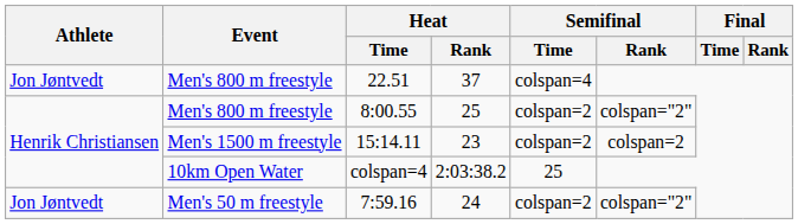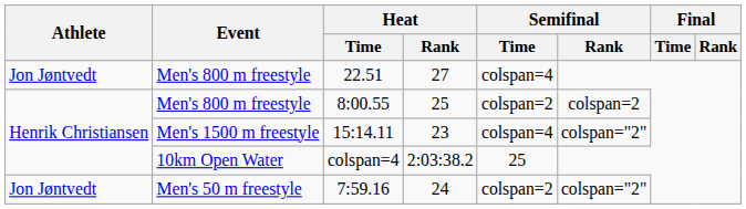 <table class=wikitable style="font-size:90%;">
 <tr>
 <th rowspan=2>Athlete</th>
 <th rowspan=2>Event</th>
 <th colspan=2>Heat</th>
 <th colspan=2>Semifinal</th>
 <th colspan=2>Final</th>
 </tr>
 <tr style="font-size:95%">
 <th>Time</th>
 <th>Rank</th>
 <th>Time</th>
 <th>Rank</th>
 <th>Time</th>
 <th>Rank</th>
 </tr>
 <tr align=center>
 <td align=left><a href='#'>Jon Jøntvedt</a></td>
 <td align=left><a href='#'>Men's 800 m freestyle</a></td>
 <td>22.51</td>
-<td>37</td>
+<td>27</td>
 <td>colspan=4 </td>
 </tr>
 <tr align=center>
 <td align=left rowspan=3><a href='#'>Henrik Christiansen</a></td>
 <td align=left><a href='#'>Men's 800 m freestyle</a></td>
 <td>8:00.55</td>
 <td>25</td>
 <td>colspan=2 </td>
-<td>colspan="2" </td>
+<td>colspan=2 </td>
 </tr>
 <tr align=center>
 <td align=left><a href='#'>Men's 1500 m freestyle</a></td>
 <td>15:14.11</td>
 <td>23</td>
-<td>colspan=2 </td>
-<td>colspan=2 </td>
+<td>colspan=4 </td>
+<td>colspan="2" </td>
 </tr>
 <tr align=center>
 <td align=left><a href='#'>10km Open Water</a></td>
 <td>colspan=4 </td>
 <td>2:03:38.2</td>
 <td>25</td>
 </tr>
 <tr align=center>
 <td align=left><a href='#'>Jon Jøntvedt</a></td>
 <td align=left><a href='#'>Men's 50 m freestyle</a></td>
 <td>7:59.16</td>
 <td>24</td>
 <td>colspan=2 </td>
 <td>colspan="2" </td>
 </tr>
 </table>
